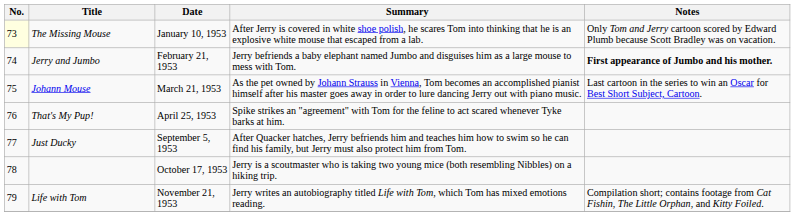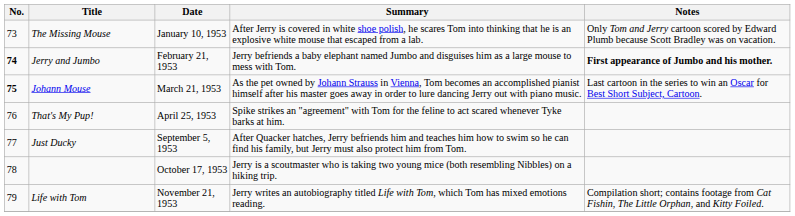 <table class="wikitable">
 <tr>
 <th style="width:2em">No.</th>
 <th style="width:12em">Title</th>
 <th style="width:7em">Date</th>
 <th>Summary</th>
 <th>Notes</th>
 </tr>
 <tr>
-<td style="background: lightyellow;">73</td>
+<td>73</td>
 <td><em>The Missing Mouse</em></td>
 <td>January 10, 1953</td>
 <td>After Jerry is covered in white <a href='#'>shoe polish</a>, he scares Tom into thinking that he is an explosive white mouse that escaped from a lab.</td>
 <td>Only <em>Tom and Jerry</em> cartoon scored by Edward Plumb because Scott Bradley was on vacation.</td>
 </tr>
 <tr>
-<td>74</td>
+<td><strong>74</strong></td>
 <td><em>Jerry and Jumbo</em></td>
 <td>February 21, 1953</td>
 <td>Jerry befriends a baby elephant named Jumbo and disguises him as a large mouse to mess with Tom.</td>
 <td><strong>First appearance of Jumbo and his mother.</strong></td>
 </tr>
 <tr>
-<td>75</td>
+<td><strong>75</strong></td>
 <td><em><a href='#'>Johann Mouse</a></em></td>
 <td>March 21, 1953</td>
 <td>As the pet owned by <a href='#'>Johann Strauss</a> in <a href='#'>Vienna</a>, Tom becomes an accomplished pianist himself after his master goes away in order to lure dancing Jerry out with piano music.</td>
 <td>Last cartoon in the series to win an <a href='#'>Oscar</a> for <a href='#'>Best Short Subject, Cartoon</a>.</td>
 </tr>
 <tr>
 <td>76</td>
 <td><em>That's My Pup!</em></td>
 <td>April 25, 1953</td>
 <td>Spike strikes an "agreement" with Tom for the feline to act scared whenever Tyke barks at him.</td>
 <td></td>
 </tr>
 <tr>
 <td>77</td>
 <td><em>Just Ducky</em></td>
 <td>September 5, 1953</td>
 <td>After Quacker hatches, Jerry befriends him and teaches him how to swim so he can find his family, but Jerry must also protect him from Tom.</td>
 <td></td>
 </tr>
 <tr>
 <td>78</td>
 <td><em></em></td>
 <td>October 17, 1953</td>
 <td>Jerry is a scoutmaster who is taking two young mice (both resembling Nibbles) on a hiking trip.</td>
 <td></td>
 </tr>
 <tr>
 <td>79</td>
 <td><em>Life with Tom</em></td>
 <td>November 21, 1953</td>
 <td>Jerry writes an autobiography titled <em>Life with Tom</em>, which Tom has mixed emotions reading.</td>
 <td>Compilation short; contains footage from <em>Cat Fishin</em>, <em>The Little Orphan</em>, and <em>Kitty Foiled</em>.</td>
 </tr>
 <tr>
 </tr>
 </table>
